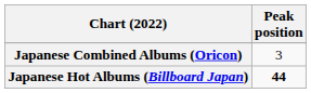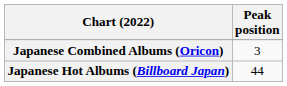 <table class="wikitable sortable plainrowheaders" style="text-align:center">
 <tr>
 <th scope="col">Chart (2022)</th>
 <th scope="col">Peak<br>position</th>
 </tr>
 <tr>
 </tr>
 <tr>
 <th scope="row">Japanese Combined Albums (<a href='#'>Oricon</a>)</th>
 <td>3</td>
 </tr>
 <tr>
 <th scope="row">Japanese Hot Albums (<em><a href='#'>Billboard Japan</a></em>)</th>
-<td><strong>44</strong></td>
+<td>44</td>
 </tr>
 </table>
